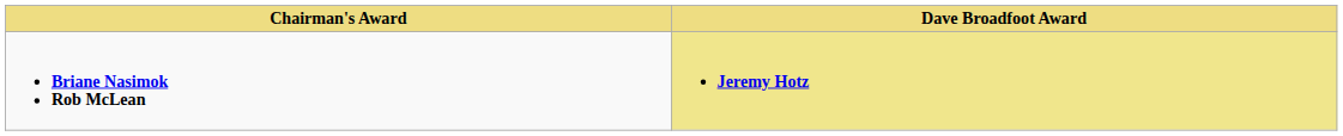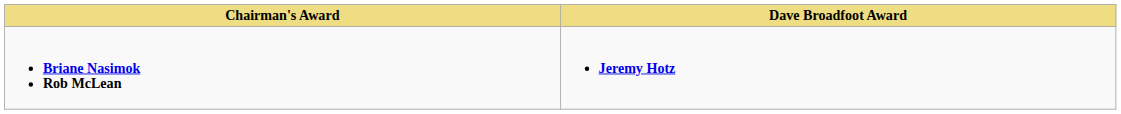 <table class="wikitable" style="width:100%">
 <tr>
 <th style="background:#EEDD82; width:50%">Chairman's Award</th>
 <th style="background:#EEDD82; width:50%">Dave Broadfoot Award</th>
 </tr>
 <tr>
 <td valign="top"><br><ul><li> <strong><a href='#'>Briane Nasimok</a></strong></li><li> <strong>Rob McLean</strong></li></ul></td>
-<td valign="top" style="background: khaki;"><br><ul><li> <strong><a href='#'>Jeremy Hotz</a></strong></li></ul></td>
+<td valign="top"><br><ul><li> <strong><a href='#'>Jeremy Hotz</a></strong></li></ul></td>
 </tr>
 </table>
